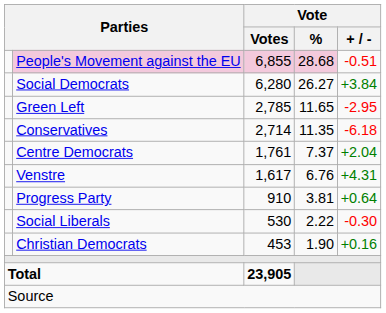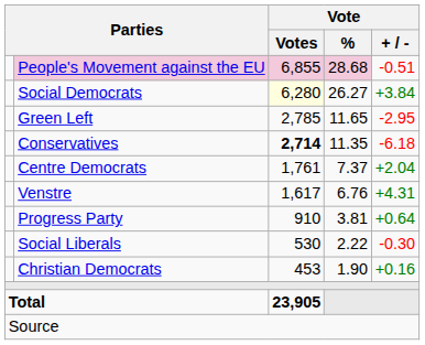 <table class="wikitable" style="text-align:right;">
 <tr>
 <th style="text-align:centre;" rowspan="2" colspan="2" width="225">Parties</th>
 <th colspan="3">Vote</th>
 </tr>
 <tr>
 <th width="15">Votes</th>
 <th width="15">%</th>
 <th width="15">+ / -</th>
 </tr>
 <tr>
 <td width="2" style="color:inherit;background:"></td>
 <td bgcolor=#f3c9dc   align="left"><a href='#'>People's Movement against the EU</a></td>
 <td bgcolor=#f3c9dc>6,855</td>
 <td bgcolor=#f3c9dc>28.68</td>
 <td style=color:red;>-0.51</td>
 </tr>
 <tr>
 <td width="2" style="color:inherit;background:"></td>
 <td align="left"><a href='#'>Social Democrats</a></td>
-<td>6,280</td>
+<td style="background: lightyellow;">6,280</td>
 <td>26.27</td>
 <td style=color:green;>+3.84</td>
 </tr>
 <tr>
 <td width="2" style="color:inherit;background:"></td>
 <td align="left"><a href='#'>Green Left</a></td>
 <td>2,785</td>
 <td>11.65</td>
 <td style=color:red;>-2.95</td>
 </tr>
 <tr>
 <td width="2" style="color:inherit;background:"></td>
 <td align="left"><a href='#'>Conservatives</a></td>
-<td>2,714</td>
+<td><strong>2,714</strong></td>
 <td>11.35</td>
 <td style=color:red;>-6.18</td>
 </tr>
 <tr>
 <td width="2" style="color:inherit;background:"></td>
 <td align="left"><a href='#'>Centre Democrats</a></td>
 <td>1,761</td>
 <td>7.37</td>
 <td style=color:green;>+2.04</td>
 </tr>
 <tr>
 <td width="2" style="color:inherit;background:"></td>
 <td align="left"><a href='#'>Venstre</a></td>
 <td>1,617</td>
 <td>6.76</td>
 <td style=color:green;>+4.31</td>
 </tr>
 <tr>
 <td width="2" style="color:inherit;background:"></td>
 <td align="left"><a href='#'>Progress Party</a></td>
 <td>910</td>
 <td>3.81</td>
 <td style=color:green;>+0.64</td>
 </tr>
 <tr>
 <td width="2" style="color:inherit;background:"></td>
 <td align="left"><a href='#'>Social Liberals</a></td>
 <td>530</td>
 <td>2.22</td>
 <td style=color:red;>-0.30</td>
 </tr>
 <tr>
 <td width="2" style="color:inherit;background:"></td>
 <td align="left"><a href='#'>Christian Democrats</a></td>
 <td>453</td>
 <td>1.90</td>
 <td style=color:green;>+0.16</td>
 </tr>
 <tr>
 <td colspan="7" bgcolor="#E9E9E9"></td>
 </tr>
 <tr>
 <td align="left" colspan="2"><strong>Total</strong></td>
 <td><strong>23,905</strong></td>
 <td bgcolor="#E9E9E9" colspan="2"></td>
 </tr>
 <tr>
 <td align="left" colspan="6">Source</td>
 </tr>
 </table>
